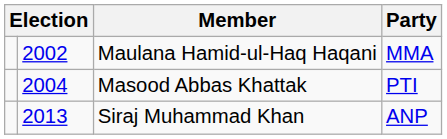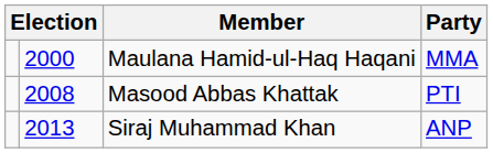 <table class="wikitable">
 <tr>
 <th colspan="2">Election</th>
 <th>Member</th>
 <th>Party</th>
 </tr>
 <tr>
 <td style="background-color: "></td>
-<td><a href='#'>2002</a></td>
+<td><a href='#'>2000</a></td>
 <td>Maulana Hamid-ul-Haq Haqani</td>
 <td><a href='#'>MMA</a></td>
 </tr>
 <tr>
 <td style="background-color: "></td>
-<td><a href='#'>2004</a></td>
+<td><a href='#'>2008</a></td>
 <td>Masood Abbas Khattak</td>
 <td><a href='#'>PTI</a></td>
 </tr>
 <tr>
 <td style="background-color: "></td>
 <td><a href='#'>2013</a></td>
 <td>Siraj Muhammad Khan</td>
 <td><a href='#'>ANP</a></td>
 </tr>
 </table>
